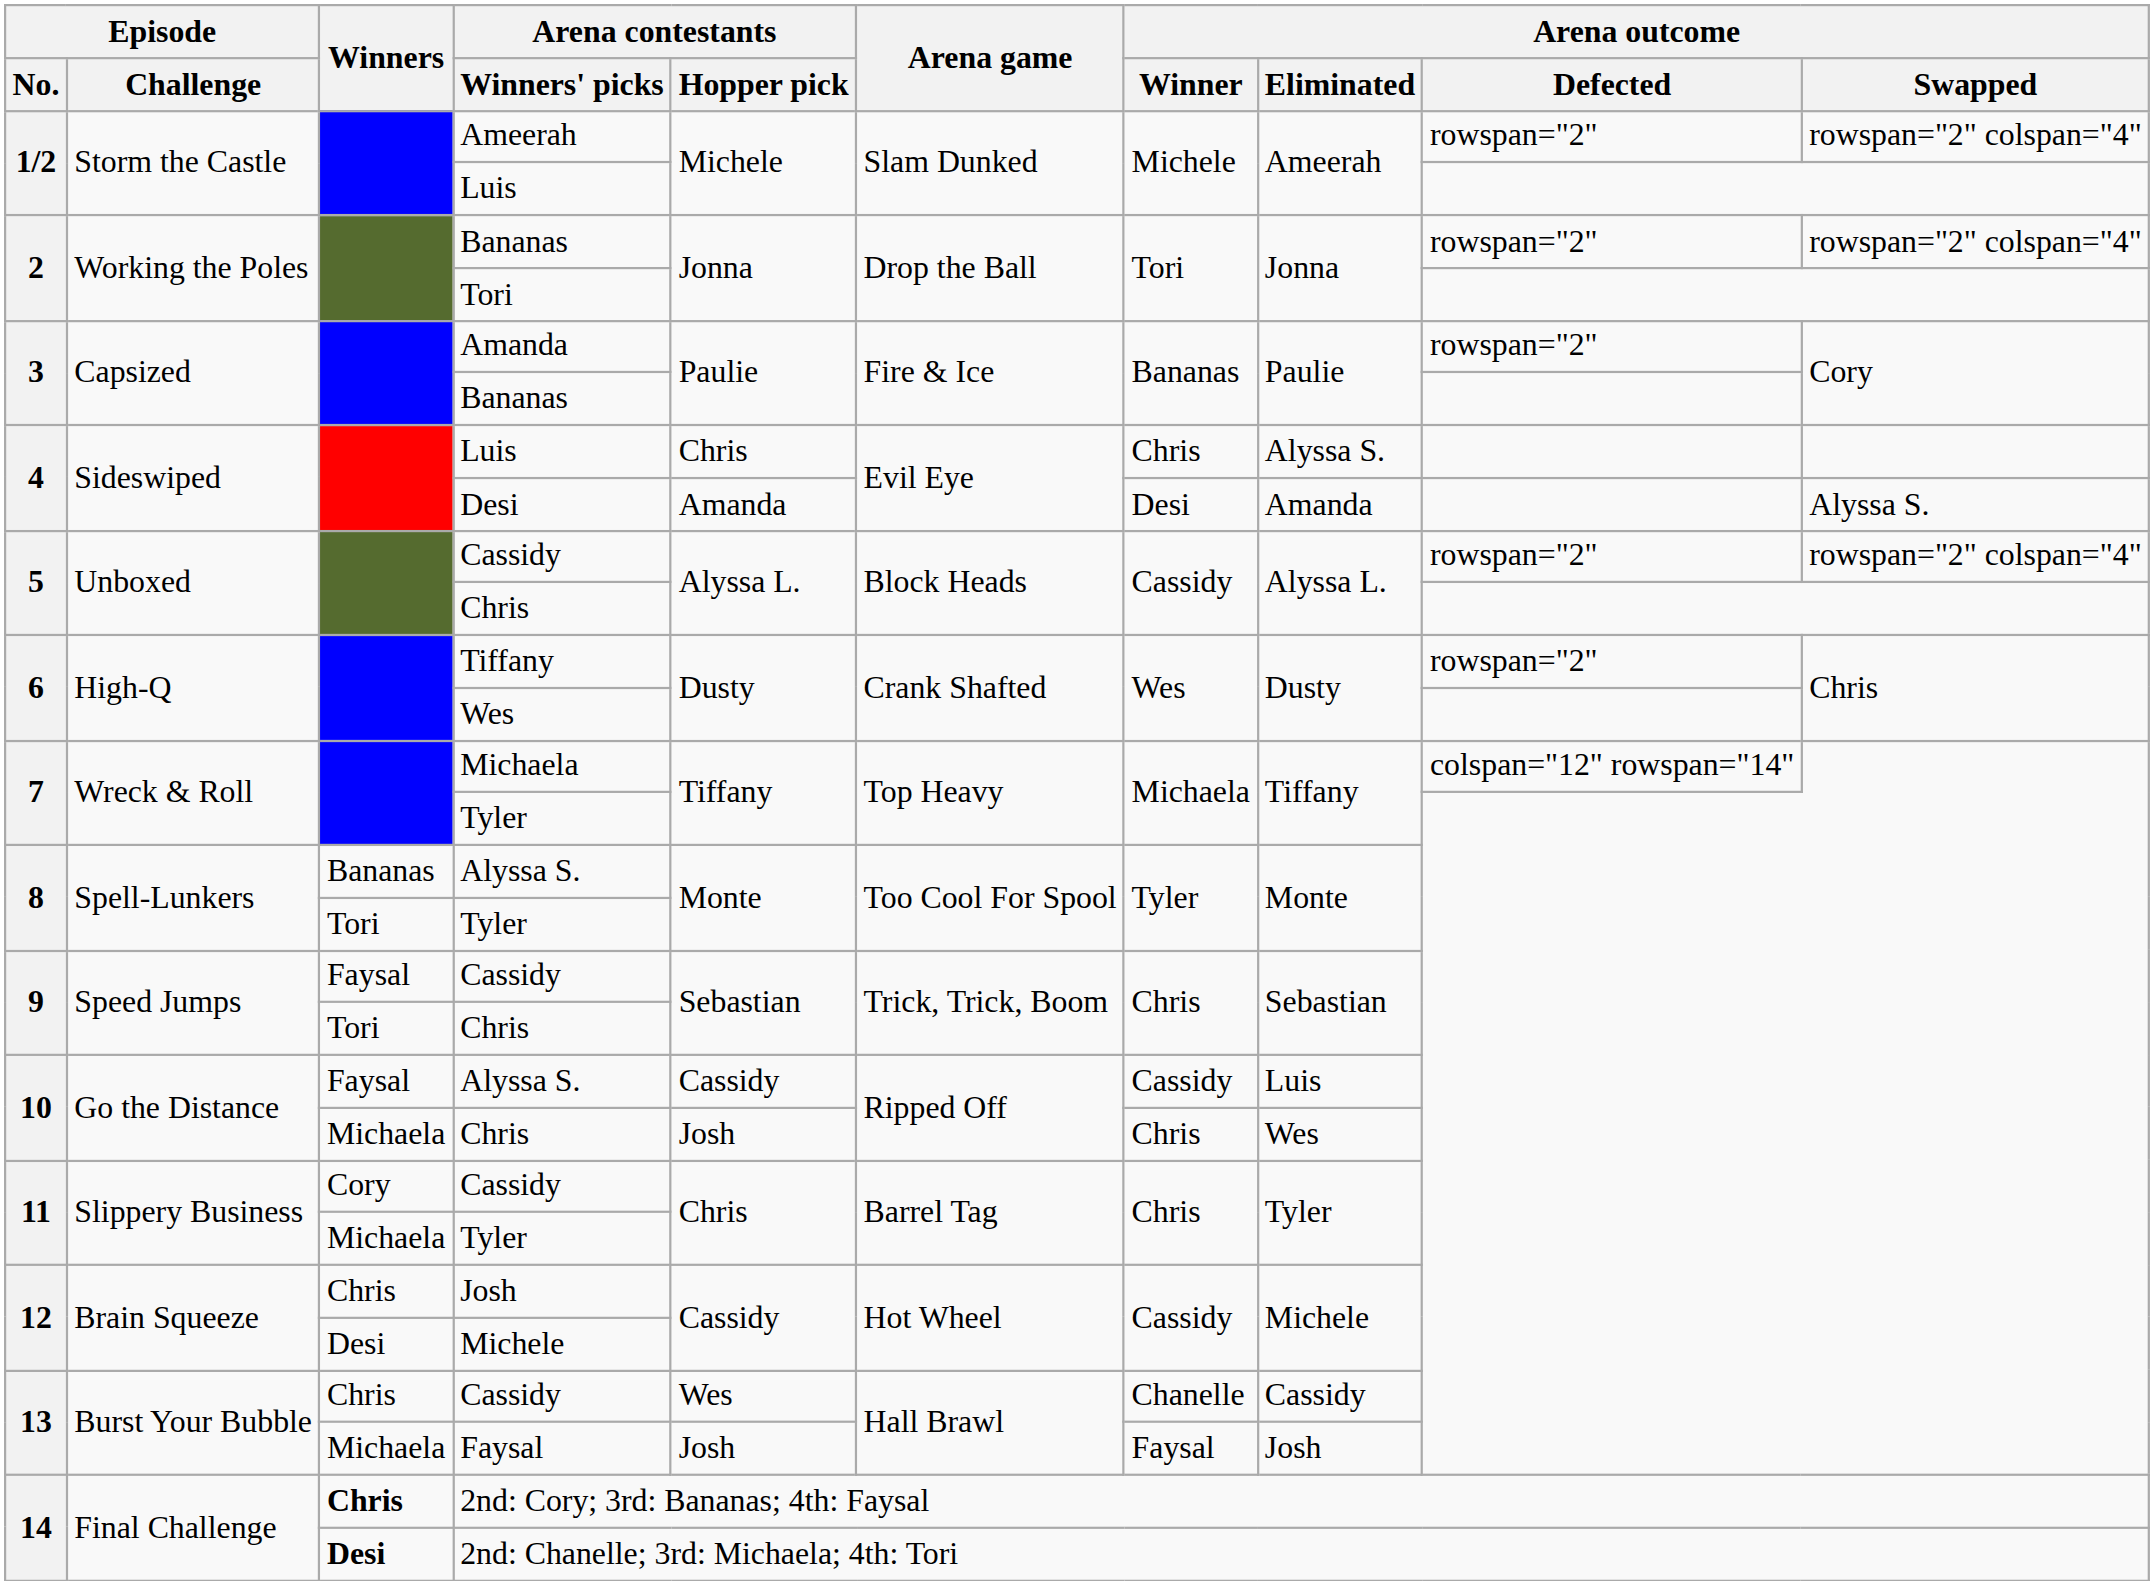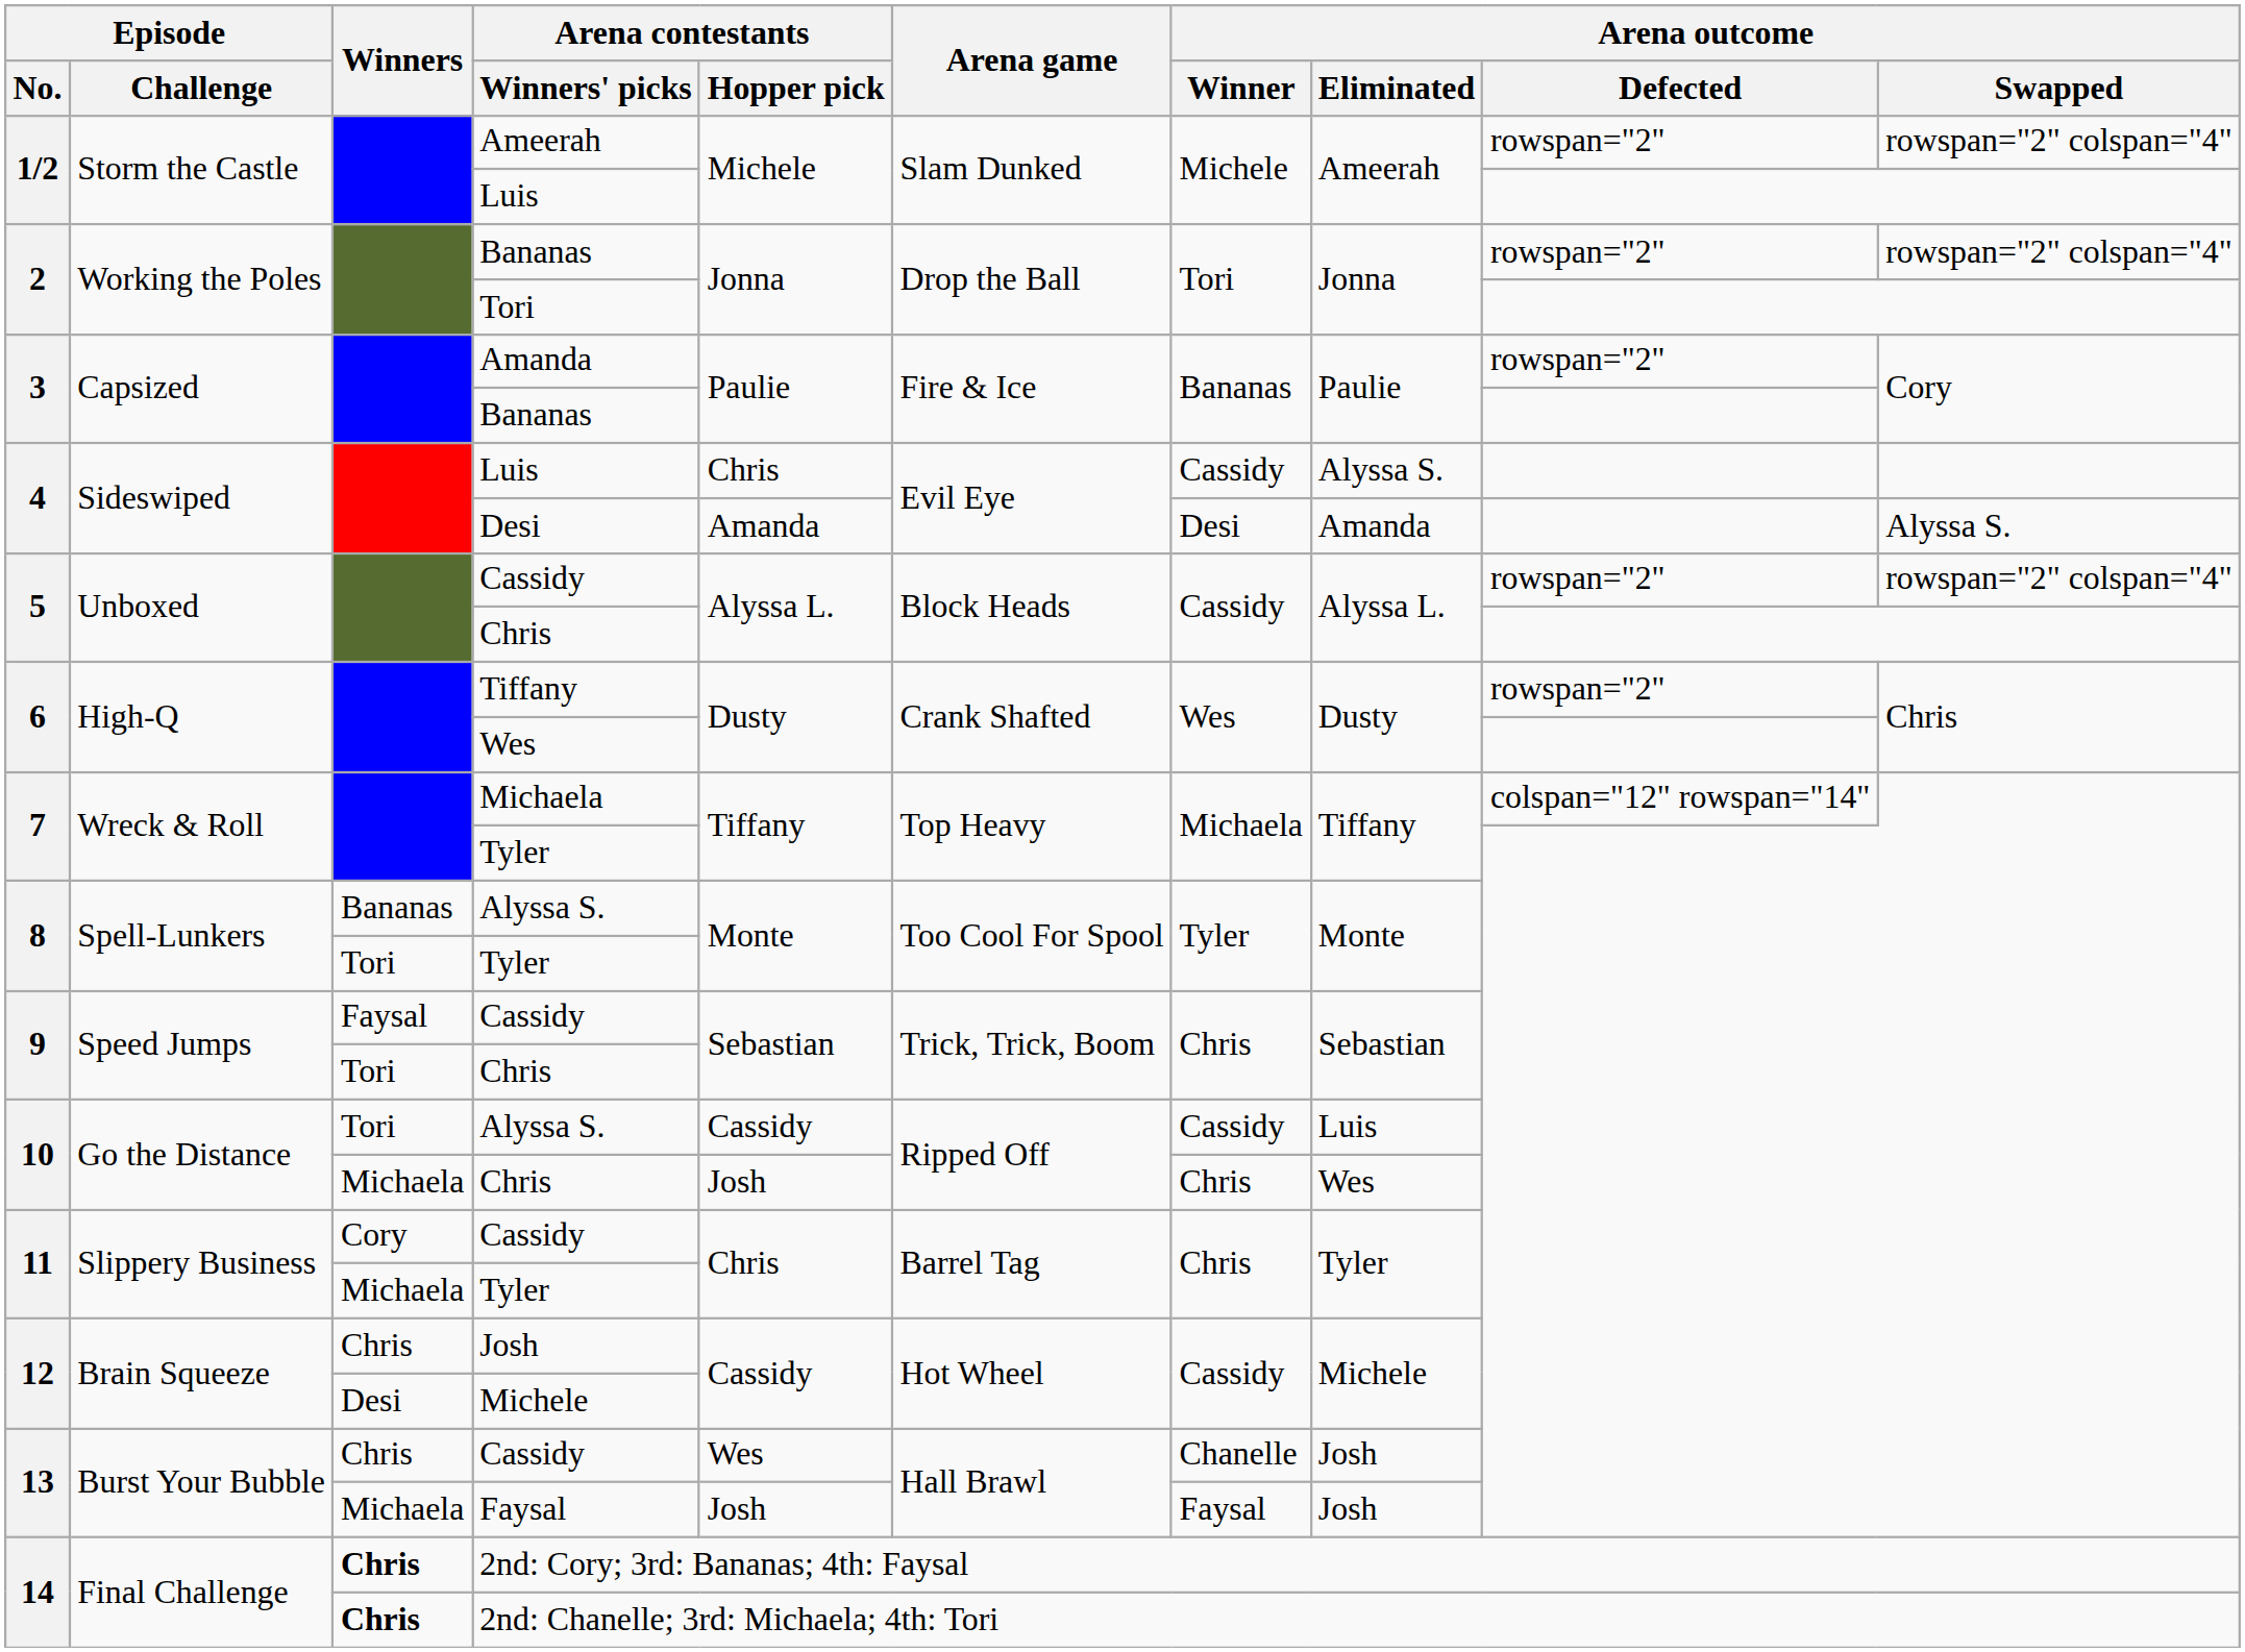 <table class="wikitable" style="font-size:90%; white-space:nowrap">
 <tr>
 <th colspan="2" scope="col">Episode</th>
 <th rowspan="2">Winners</th>
 <th colspan="2">Arena contestants</th>
 <th scope="col" rowspan="2">Arena game</th>
 <th colspan="4">Arena outcome</th>
 </tr>
 <tr>
 <th>No.</th>
 <th scope="col">Challenge</th>
 <th>Winners' picks</th>
 <th scope="col">Hopper pick</th>
 <th scope="col">Winner</th>
 <th scope="col">Eliminated</th>
 <th scope="col">Defected</th>
 <th scope="col">Swapped</th>
 </tr>
 <tr>
 <th rowspan="2">1/2</th>
 <td rowspan="2">Storm the Castle</td>
 <td rowspan="2" bgcolor="blue"></td>
 <td>Ameerah</td>
 <td rowspan="2">Michele</td>
 <td rowspan="2">Slam Dunked</td>
 <td rowspan="2">Michele</td>
 <td rowspan="2">Ameerah</td>
 <td>rowspan="2" </td>
 <td>rowspan="2" colspan="4" </td>
 </tr>
 <tr>
 <td>Luis</td>
 </tr>
 <tr>
 <th rowspan="2">2</th>
 <td rowspan="2">Working the Poles</td>
 <td rowspan="2" bgcolor="darkolivegreen"></td>
 <td>Bananas</td>
 <td rowspan="2">Jonna</td>
 <td rowspan="2">Drop the Ball</td>
 <td rowspan="2">Tori</td>
 <td rowspan="2">Jonna</td>
 <td>rowspan="2" </td>
 <td>rowspan="2" colspan="4" </td>
 </tr>
 <tr>
 <td>Tori</td>
 </tr>
 <tr>
 <th rowspan="2">3</th>
 <td rowspan="2">Capsized</td>
 <td rowspan="2" bgcolor="blue"></td>
 <td>Amanda</td>
 <td rowspan="2">Paulie</td>
 <td rowspan="2">Fire & Ice</td>
 <td rowspan="2">Bananas</td>
 <td rowspan="2">Paulie</td>
 <td>rowspan="2" </td>
 <td rowspan="2">Cory</td>
 </tr>
 <tr>
 <td>Bananas</td>
 </tr>
 <tr>
 <th rowspan=2>4</th>
 <td rowspan=2>Sideswiped</td>
 <td rowspan="2" bgcolor="red"></td>
 <td>Luis</td>
 <td>Chris</td>
 <td rowspan=2>Evil Eye</td>
-<td>Chris</td>
+<td>Cassidy</td>
 <td>Alyssa S.</td>
 <td></td>
 <td></td>
 </tr>
 <tr>
 <td>Desi</td>
 <td>Amanda</td>
 <td>Desi</td>
 <td>Amanda</td>
 <td></td>
 <td>Alyssa S.</td>
 </tr>
 <tr>
 <th rowspan="2">5</th>
 <td rowspan="2">Unboxed</td>
 <td rowspan="2" bgcolor="darkolivegreen"></td>
 <td>Cassidy</td>
 <td rowspan="2">Alyssa L.</td>
 <td rowspan="2">Block Heads</td>
 <td rowspan="2">Cassidy</td>
 <td rowspan="2">Alyssa L.</td>
 <td>rowspan="2" </td>
 <td>rowspan="2" colspan="4" </td>
 </tr>
 <tr>
 <td>Chris</td>
 </tr>
 <tr>
 <th rowspan="2">6</th>
 <td rowspan="2">High-Q</td>
 <td rowspan="2" bgcolor="blue"></td>
 <td>Tiffany</td>
 <td rowspan="2">Dusty</td>
 <td rowspan="2">Crank Shafted</td>
 <td rowspan="2">Wes</td>
 <td rowspan="2">Dusty</td>
 <td>rowspan="2" </td>
 <td rowspan="2">Chris</td>
 </tr>
 <tr>
 <td>Wes</td>
 </tr>
 <tr>
 <th rowspan="2">7</th>
 <td rowspan="2">Wreck & Roll</td>
 <td rowspan="2" bgcolor="blue"></td>
 <td>Michaela</td>
 <td rowspan="2">Tiffany</td>
 <td rowspan="2">Top Heavy</td>
 <td rowspan="2">Michaela</td>
 <td rowspan="2">Tiffany</td>
 <td>colspan="12" rowspan="14" </td>
 </tr>
 <tr>
 <td>Tyler</td>
 </tr>
 <tr>
 <th rowspan="2">8</th>
 <td rowspan="2">Spell-Lunkers</td>
 <td>Bananas</td>
 <td>Alyssa S.</td>
 <td rowspan="2">Monte</td>
 <td rowspan="2">Too Cool For Spool</td>
 <td rowspan="2">Tyler</td>
 <td rowspan="2">Monte</td>
 </tr>
 <tr>
 <td>Tori</td>
 <td>Tyler</td>
 </tr>
 <tr>
 <th rowspan="2">9</th>
 <td rowspan="2">Speed Jumps</td>
 <td>Faysal</td>
 <td>Cassidy</td>
 <td rowspan="2">Sebastian</td>
 <td rowspan="2">Trick, Trick, Boom</td>
 <td rowspan="2">Chris</td>
 <td rowspan="2">Sebastian</td>
 </tr>
 <tr>
 <td>Tori</td>
 <td>Chris</td>
 </tr>
 <tr>
 <th rowspan=2>10</th>
 <td rowspan=2>Go the Distance</td>
-<td>Faysal</td>
+<td>Tori</td>
 <td>Alyssa S.</td>
 <td>Cassidy</td>
 <td rowspan=2>Ripped Off</td>
 <td>Cassidy</td>
 <td>Luis</td>
 </tr>
 <tr>
 <td>Michaela</td>
 <td>Chris</td>
 <td>Josh</td>
 <td>Chris</td>
 <td>Wes</td>
 </tr>
 <tr>
 <th rowspan="2">11</th>
 <td rowspan="2">Slippery Business</td>
 <td>Cory</td>
 <td>Cassidy</td>
 <td rowspan="2">Chris</td>
 <td rowspan="2">Barrel Tag</td>
 <td rowspan="2">Chris</td>
 <td rowspan="2">Tyler</td>
 </tr>
 <tr>
 <td>Michaela</td>
 <td>Tyler</td>
 </tr>
 <tr>
 <th rowspan="2">12</th>
 <td rowspan="2">Brain Squeeze</td>
 <td>Chris</td>
 <td>Josh</td>
 <td rowspan="2">Cassidy</td>
 <td rowspan="2">Hot Wheel</td>
 <td rowspan="2">Cassidy</td>
 <td rowspan="2">Michele</td>
 </tr>
 <tr>
 <td>Desi</td>
 <td>Michele</td>
 </tr>
 <tr>
 <th rowspan=2>13</th>
 <td rowspan=2>Burst Your Bubble</td>
 <td>Chris</td>
 <td>Cassidy</td>
 <td>Wes</td>
 <td rowspan=2>Hall Brawl</td>
 <td>Chanelle</td>
-<td>Cassidy</td>
+<td>Josh</td>
 </tr>
 <tr>
 <td>Michaela</td>
 <td>Faysal</td>
 <td>Josh</td>
 <td>Faysal</td>
 <td>Josh</td>
 </tr>
 <tr>
 <th rowspan=2>14</th>
 <td rowspan=2>Final Challenge</td>
 <td><strong>Chris</strong></td>
 <td colspan=7>2nd: Cory; 3rd: Bananas; 4th: Faysal</td>
 </tr>
 <tr>
-<td><strong>Desi</strong></td>
+<td><strong>Chris</strong></td>
 <td colspan=7>2nd: Chanelle; 3rd: Michaela; 4th: Tori</td>
 </tr>
 </table>
